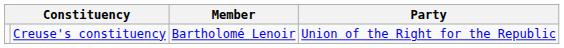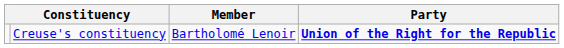 <table class="wikitable">
 <tr>
 <th colspan="2">Constituency</th>
 <th>Member</th>
 <th>Party</th>
 </tr>
 <tr>
 <td style="background-color: "></td>
 <td><a href='#'>Creuse's constituency</a></td>
 <td><a href='#'>Bartholomé Lenoir</a></td>
-<td><a href='#'>Union of the Right for the Republic</a></td>
+<td><strong><a href='#'>Union of the Right for the Republic</a></strong></td>
 </tr>
 </table>
